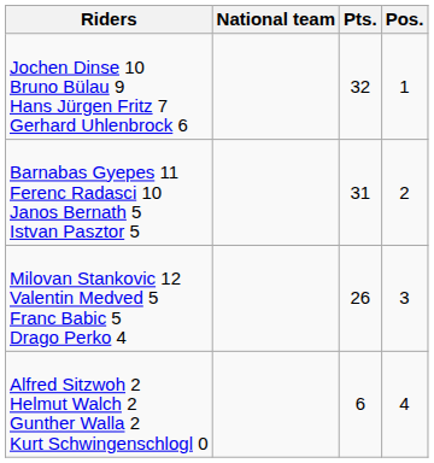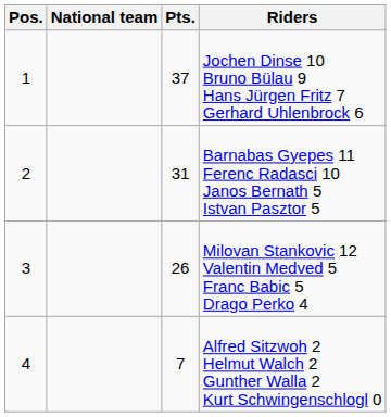 <table class=wikitable style="font-size:93%;">
 <tr>
-<th>Riders</th>
+<th>Pos.</th>
 <th>National team</th>
 <th>Pts.</th>
-<th>Pos.</th>
+<th>Riders</th>
 </tr>
 <tr align=center >
+<td>1</td>
+<td align=left></td>
+<td>37</td>
 <td align=left><br><a href='#'>Jochen Dinse</a> 10<br> <a href='#'>Bruno Bülau</a> 9<br> <a href='#'>Hans Jürgen Fritz</a> 7<br> <a href='#'>Gerhard Uhlenbrock</a> 6<br></td>
-<td align=left></td>
-<td>32</td>
-<td>1</td>
 </tr>
 <tr align=center>
-<td align=left><br><a href='#'>Barnabas Gyepes</a> 11<br> <a href='#'>Ferenc Radasci</a> 10<br> <a href='#'>Janos Bernath</a> 5<br> <a href='#'>Istvan Pasztor</a> 5<br></td>
+<td>2</td>
 <td align=left></td>
 <td>31</td>
-<td>2</td>
+<td align=left><br><a href='#'>Barnabas Gyepes</a> 11<br> <a href='#'>Ferenc Radasci</a> 10<br> <a href='#'>Janos Bernath</a> 5<br> <a href='#'>Istvan Pasztor</a> 5<br></td>
 </tr>
 <tr align=center>
-<td align=left><br><a href='#'>Milovan Stankovic</a> 12<br> <a href='#'>Valentin Medved</a> 5<br> <a href='#'>Franc Babic</a> 5<br> <a href='#'>Drago Perko</a> 4<br></td>
+<td>3</td>
 <td align=left></td>
 <td>26</td>
-<td>3</td>
+<td align=left><br><a href='#'>Milovan Stankovic</a> 12<br> <a href='#'>Valentin Medved</a> 5<br> <a href='#'>Franc Babic</a> 5<br> <a href='#'>Drago Perko</a> 4<br></td>
 </tr>
 <tr align=center>
+<td>4</td>
+<td align=left></td>
+<td>7</td>
 <td align=left><br><a href='#'>Alfred Sitzwoh</a> 2<br> <a href='#'>Helmut Walch</a> 2<br> <a href='#'>Gunther Walla</a> 2<br> <a href='#'>Kurt Schwingenschlogl</a> 0<br></td>
-<td align=left></td>
-<td>6</td>
-<td>4</td>
 </tr>
 </table>
